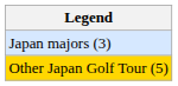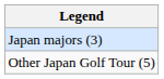 <table class="wikitable" style="font-size:95%;">
 <tr>
 <th>Legend</th>
 </tr>
 <tr style="background:#D6E8FF;">
 <td>Japan majors (3)</td>
 </tr>
 <tr>
-<td style="background: gold;">Other Japan Golf Tour (5)</td>
+<td>Other Japan Golf Tour (5)</td>
 </tr>
 </table>
